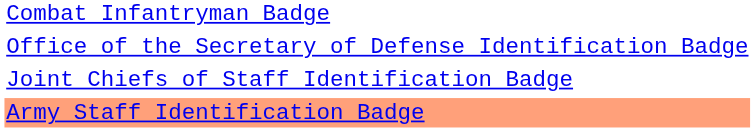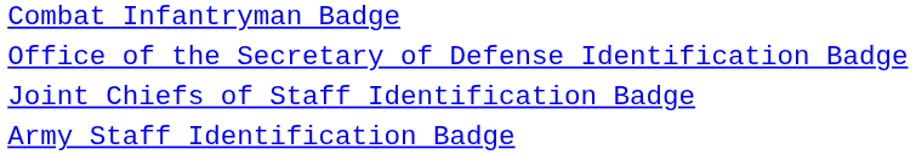 <table>
 <tr>
 <td> <a href='#'>Combat Infantryman Badge</a></td>
 </tr>
 <tr>
 <td> <a href='#'>Office of the Secretary of Defense Identification Badge</a></td>
 </tr>
 <tr>
 <td> <a href='#'>Joint Chiefs of Staff Identification Badge</a></td>
 </tr>
 <tr>
-<td style="background: lightsalmon;"> <a href='#'>Army Staff Identification Badge</a></td>
+<td> <a href='#'>Army Staff Identification Badge</a></td>
 </tr>
 </table>
